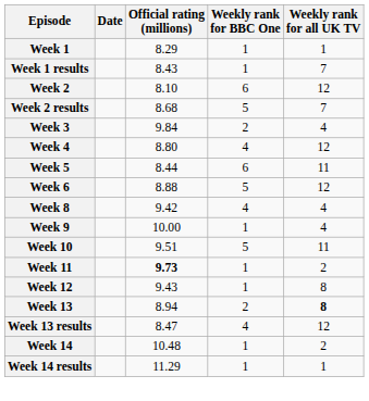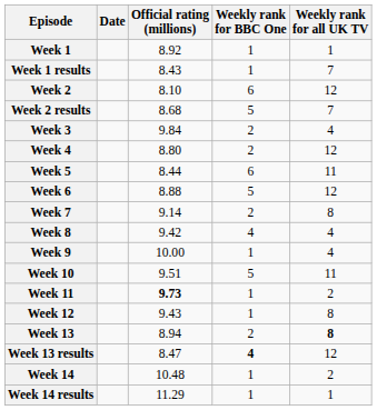 <table class="wikitable sortable" style="text-align:center">
 <tr>
 <th scope="col">Episode</th>
 <th scope="col">Date</th>
 <th scope="col">Official rating<br>(millions)</th>
 <th scope="col">Weekly rank<br>for BBC One</th>
 <th scope="col">Weekly rank<br>for all UK TV</th>
 </tr>
 <tr>
 <th scope="row">Week 1</th>
 <td></td>
-<td>8.29</td>
+<td>8.92</td>
 <td>1</td>
 <td>1</td>
 </tr>
 <tr>
 <th scope="row">Week 1 results</th>
 <td></td>
 <td>8.43</td>
 <td>1</td>
 <td>7</td>
 </tr>
 <tr>
 <th scope="row">Week 2</th>
 <td></td>
 <td>8.10</td>
 <td>6</td>
 <td>12</td>
 </tr>
 <tr>
 <th scope="row”">Week 2 results</th>
 <td></td>
 <td>8.68</td>
 <td>5</td>
 <td>7</td>
 </tr>
 <tr>
 <th scope="row">Week 3</th>
 <td></td>
 <td>9.84</td>
 <td>2</td>
 <td>4</td>
 </tr>
 <tr>
 <th scope="row">Week 4</th>
 <td></td>
 <td>8.80</td>
-<td>4</td>
+<td>2</td>
 <td>12</td>
 </tr>
 <tr>
 <th scope="row">Week 5</th>
 <td></td>
 <td>8.44</td>
 <td>6</td>
 <td>11</td>
 </tr>
 <tr>
 <th scope="row">Week 6</th>
 <td></td>
 <td>8.88</td>
 <td>5</td>
 <td>12</td>
+</tr>
+<tr>
+<th scope="row">Week 7</th>
+<td></td>
+<td>9.14</td>
+<td>2</td>
+<td>8</td>
 </tr>
 <tr>
 <th scope="row">Week 8</th>
 <td></td>
 <td>9.42</td>
 <td>4</td>
 <td>4</td>
 </tr>
 <tr>
 <th scope="row">Week 9</th>
 <td></td>
 <td>10.00</td>
 <td>1</td>
 <td>4</td>
 </tr>
 <tr>
 <th scope="row">Week 10</th>
 <td></td>
 <td>9.51</td>
 <td>5</td>
 <td>11</td>
 </tr>
 <tr>
 <th scope="row">Week 11</th>
 <td></td>
 <td><strong>9.73</strong></td>
 <td>1</td>
 <td>2</td>
 </tr>
 <tr>
 <th scope="row">Week 12</th>
 <td></td>
 <td>9.43</td>
 <td>1</td>
 <td>8</td>
 </tr>
 <tr>
 <th scope="row">Week 13</th>
 <td></td>
 <td>8.94</td>
 <td>2</td>
 <td><strong>8</strong></td>
 </tr>
 <tr>
 <th scope="row">Week 13 results</th>
 <td></td>
 <td>8.47</td>
-<td>4</td>
+<td><strong>4</strong></td>
 <td>12</td>
 </tr>
 <tr>
 <th scope="row">Week 14</th>
 <td></td>
 <td>10.48</td>
 <td>1</td>
 <td>2</td>
 </tr>
 <tr>
 <th scope="row">Week 14 results</th>
 <td></td>
 <td>11.29</td>
 <td>1</td>
 <td>1</td>
 </tr>
 </table>
